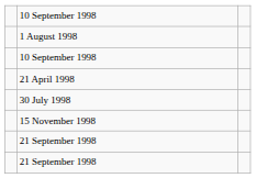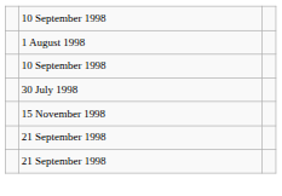 <table class="wikitable" style="font-size: 89%; float: left; width: 25em; margin-right: 1em; line-height: 1.65em !important; height: 220px;">
 <tr>
 <td></td>
 <td>10 September 1998</td>
 <td></td>
 </tr>
 <tr>
 <td></td>
 <td>1 August 1998</td>
 <td></td>
 </tr>
 <tr>
 <td></td>
 <td>10 September 1998</td>
-<td></td>
-</tr>
-<tr>
-<td></td>
-<td>21 April 1998</td>
 <td></td>
 </tr>
 <tr>
 <td></td>
 <td>30 July 1998</td>
 <td></td>
 </tr>
 <tr>
 <td></td>
 <td>15 November 1998</td>
 <td></td>
 </tr>
 <tr>
 <td></td>
 <td>21 September 1998</td>
 <td></td>
 </tr>
 <tr>
 <td></td>
 <td>21 September 1998</td>
 <td></td>
 </tr>
 </table>
